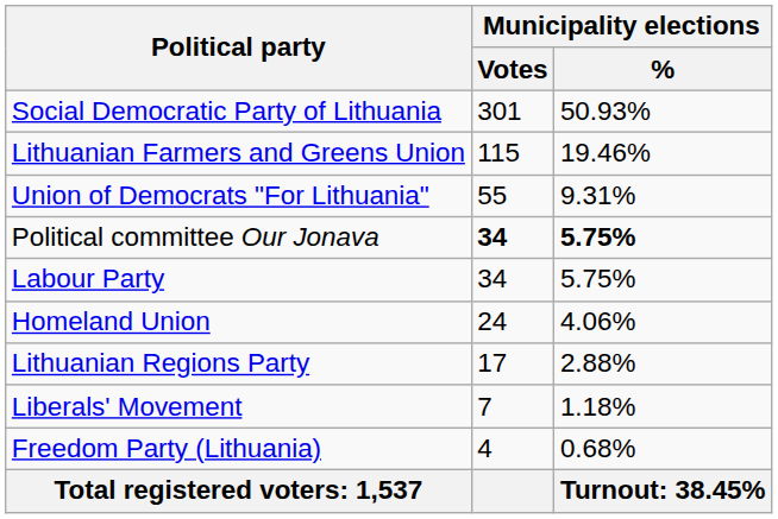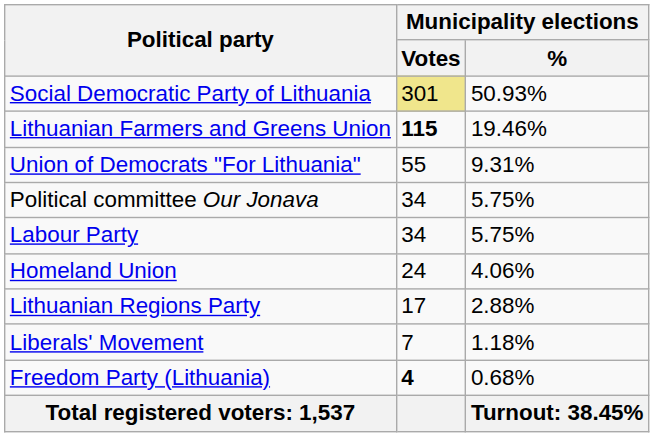 <table class="wikitable">
 <tr>
 <th rowspan="2">Political party</th>
 <th colspan="2">Municipality elections</th>
 </tr>
 <tr>
 <th>Votes </th>
 <th>%</th>
 </tr>
 <tr>
 <td><a href='#'>Social Democratic Party of Lithuania</a></td>
-<td>301</td>
+<td style="background: khaki;">301</td>
 <td>50.93%</td>
 </tr>
 <tr>
 <td><a href='#'>Lithuanian Farmers and Greens Union</a></td>
-<td>115</td>
+<td><strong>115</strong></td>
 <td>19.46%</td>
 </tr>
 <tr>
 <td><a href='#'>Union of Democrats "For Lithuania"</a></td>
 <td>55</td>
 <td>9.31%</td>
 </tr>
 <tr>
 <td>Political committee <em>Our Jonava</em></td>
-<td><strong>34</strong></td>
-<td><strong>5.75%</strong></td>
+<td>34</td>
+<td>5.75%</td>
 </tr>
 <tr>
 <td><a href='#'>Labour Party</a></td>
 <td>34</td>
 <td>5.75%</td>
 </tr>
 <tr>
 <td><a href='#'>Homeland Union</a></td>
 <td>24</td>
 <td>4.06%</td>
 </tr>
 <tr>
 <td><a href='#'>Lithuanian Regions Party</a></td>
 <td>17</td>
 <td>2.88%</td>
 </tr>
 <tr>
 <td><a href='#'>Liberals' Movement</a></td>
 <td>7</td>
 <td>1.18%</td>
 </tr>
 <tr>
 <td><a href='#'>Freedom Party (Lithuania)</a></td>
-<td>4</td>
+<td><strong>4</strong></td>
 <td>0.68%</td>
 </tr>
 <tr>
 <th>Total registered voters: 1,537</th>
 <th></th>
 <th>Turnout: 38.45%</th>
 </tr>
 </table>
